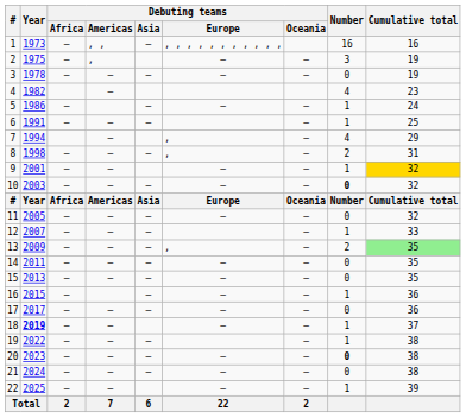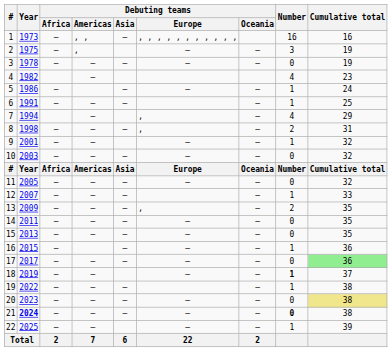 <table class="wikitable" style="text-align: center; font-size: 90%; margin-left: 1em;">
 <tr>
 <th rowspan="2">#</th>
 <th rowspan="2">Year</th>
 <th colspan="5">Debuting teams</th>
 <th rowspan="2">Number</th>
 <th rowspan="2">Cumulative total</th>
 </tr>
 <tr>
 <th>Africa</th>
 <th>Americas</th>
 <th>Asia</th>
 <th>Europe</th>
 <th>Oceania</th>
 </tr>
 <tr>
 <td>1</td>
 <td><a href='#'>1973</a></td>
 <td>–</td>
 <td style="text-align: left;">, , </td>
 <td>–</td>
 <td style="text-align: left;">, , , , , , , , , , , </td>
 <td style="text-align: left;"></td>
 <td>16</td>
 <td>16</td>
 </tr>
 <tr>
 <td>2</td>
 <td><a href='#'>1975</a></td>
 <td>–</td>
 <td style="text-align: left;">, </td>
 <td style="text-align: left;"></td>
 <td>–</td>
 <td>–</td>
 <td>3</td>
 <td>19</td>
 </tr>
 <tr>
 <td>3</td>
 <td><a href='#'>1978</a></td>
 <td>–</td>
 <td>–</td>
 <td>–</td>
 <td>–</td>
 <td>–</td>
 <td>0</td>
 <td>19</td>
 </tr>
 <tr>
 <td>4</td>
 <td><a href='#'>1982</a></td>
 <td style="text-align: left;"></td>
 <td>–</td>
 <td style="text-align: left;"></td>
 <td style="text-align: left;"></td>
 <td style="text-align: left;"></td>
 <td>4</td>
 <td>23</td>
 </tr>
 <tr>
 <td>5</td>
 <td><a href='#'>1986</a></td>
 <td>–</td>
 <td style="text-align: left;"></td>
 <td>–</td>
 <td>–</td>
 <td>–</td>
 <td>1</td>
 <td>24</td>
 </tr>
 <tr>
 <td>6</td>
 <td><a href='#'>1991</a></td>
 <td>–</td>
 <td>–</td>
 <td>–</td>
 <td style="text-align: left;"></td>
 <td>–</td>
 <td>1</td>
 <td>25</td>
 </tr>
 <tr>
 <td>7</td>
 <td><a href='#'>1994</a></td>
 <td style="text-align: left;"></td>
 <td>–</td>
 <td style="text-align: left;"></td>
 <td style="text-align: left;">, </td>
 <td>–</td>
 <td>4</td>
 <td>29</td>
 </tr>
 <tr>
 <td>8</td>
 <td><a href='#'>1998</a></td>
 <td>–</td>
 <td>–</td>
 <td>–</td>
 <td style="text-align: left;">, </td>
 <td>–</td>
 <td>2</td>
 <td>31</td>
 </tr>
 <tr>
 <td>9</td>
 <td><a href='#'>2001</a></td>
 <td>–</td>
 <td>–</td>
 <td style="text-align: left;"></td>
 <td>–</td>
 <td>–</td>
 <td>1</td>
-<td style="background: gold;">32</td>
+<td>32</td>
 </tr>
 <tr>
 <td>10</td>
 <td><a href='#'>2003</a></td>
 <td>–</td>
 <td>–</td>
 <td>–</td>
 <td>–</td>
 <td>–</td>
-<td><strong>0</strong></td>
+<td>0</td>
 <td>32</td>
 </tr>
 <tr>
 <th>#</th>
 <th>Year</th>
 <th>Africa</th>
 <th>Americas</th>
 <th>Asia</th>
 <th>Europe</th>
 <th>Oceania</th>
 <th>Number</th>
 <th>Cumulative total</th>
 </tr>
 <tr>
 <td>11</td>
 <td><a href='#'>2005</a></td>
 <td>–</td>
 <td>–</td>
 <td>–</td>
 <td>–</td>
 <td>–</td>
 <td>0</td>
 <td>32</td>
 </tr>
 <tr>
 <td>12</td>
 <td><a href='#'>2007</a></td>
 <td>–</td>
 <td>–</td>
 <td>–</td>
 <td style="text-align: left;"></td>
 <td>–</td>
 <td>1</td>
 <td>33</td>
 </tr>
 <tr>
 <td>13</td>
 <td><a href='#'>2009</a></td>
 <td>–</td>
 <td>–</td>
 <td>–</td>
 <td style="text-align: left;">, </td>
 <td>–</td>
 <td>2</td>
-<td style="background: lightgreen;">35</td>
+<td>35</td>
 </tr>
 <tr>
 <td>14</td>
 <td><a href='#'>2011</a></td>
 <td>–</td>
 <td>–</td>
 <td>–</td>
 <td>–</td>
 <td>–</td>
 <td>0</td>
 <td>35</td>
 </tr>
 <tr>
 <td>15</td>
 <td><a href='#'>2013</a></td>
 <td>–</td>
 <td>–</td>
 <td>–</td>
 <td>–</td>
 <td>–</td>
 <td>0</td>
 <td>35</td>
 </tr>
 <tr>
 <td>16</td>
 <td><a href='#'>2015</a></td>
 <td>–</td>
 <td style="text-align: left;"></td>
 <td>–</td>
 <td>–</td>
 <td>–</td>
 <td>1</td>
 <td>36</td>
 </tr>
 <tr>
 <td>17</td>
 <td><a href='#'>2017</a></td>
 <td>–</td>
 <td>–</td>
 <td>–</td>
 <td>–</td>
 <td>–</td>
 <td>0</td>
-<td>36</td>
+<td style="background: lightgreen;">36</td>
 </tr>
 <tr>
 <td>18</td>
-<td><strong><a href='#'>2019</a></strong></td>
+<td><a href='#'>2019</a></td>
 <td>–</td>
 <td>–</td>
 <td style="text-align: left;"></td>
 <td>–</td>
 <td>–</td>
-<td>1</td>
+<td><strong>1</strong></td>
 <td>37</td>
 </tr>
 <tr>
 <td>19</td>
 <td><a href='#'>2022</a></td>
 <td>–</td>
 <td>–</td>
 <td>–</td>
 <td style="text-align: left;"></td>
 <td>–</td>
 <td>1</td>
 <td>38</td>
 </tr>
 <tr>
 <td>20</td>
 <td><a href='#'>2023</a></td>
 <td>–</td>
 <td>–</td>
 <td>–</td>
 <td>–</td>
 <td>–</td>
-<td><strong>0</strong></td>
-<td>38</td>
+<td>0</td>
+<td style="background: khaki;">38</td>
 </tr>
 <tr>
 <td>21</td>
-<td><a href='#'>2024</a></td>
+<td><strong><a href='#'>2024</a></strong></td>
 <td>–</td>
 <td>–</td>
 <td>–</td>
 <td>–</td>
 <td>–</td>
-<td>0</td>
+<td><strong>0</strong></td>
 <td>38</td>
 </tr>
 <tr>
 <td>22</td>
 <td><a href='#'>2025</a></td>
 <td>–</td>
 <td>–</td>
 <td style="text-align: left;"></td>
 <td>–</td>
 <td>–</td>
 <td>1</td>
 <td>39</td>
 </tr>
 <tr>
 <th colspan="2">Total</th>
 <th>2</th>
 <th>7</th>
 <th>6</th>
 <th>22</th>
 <th>2</th>
 <th></th>
 <th></th>
 </tr>
 </table>
